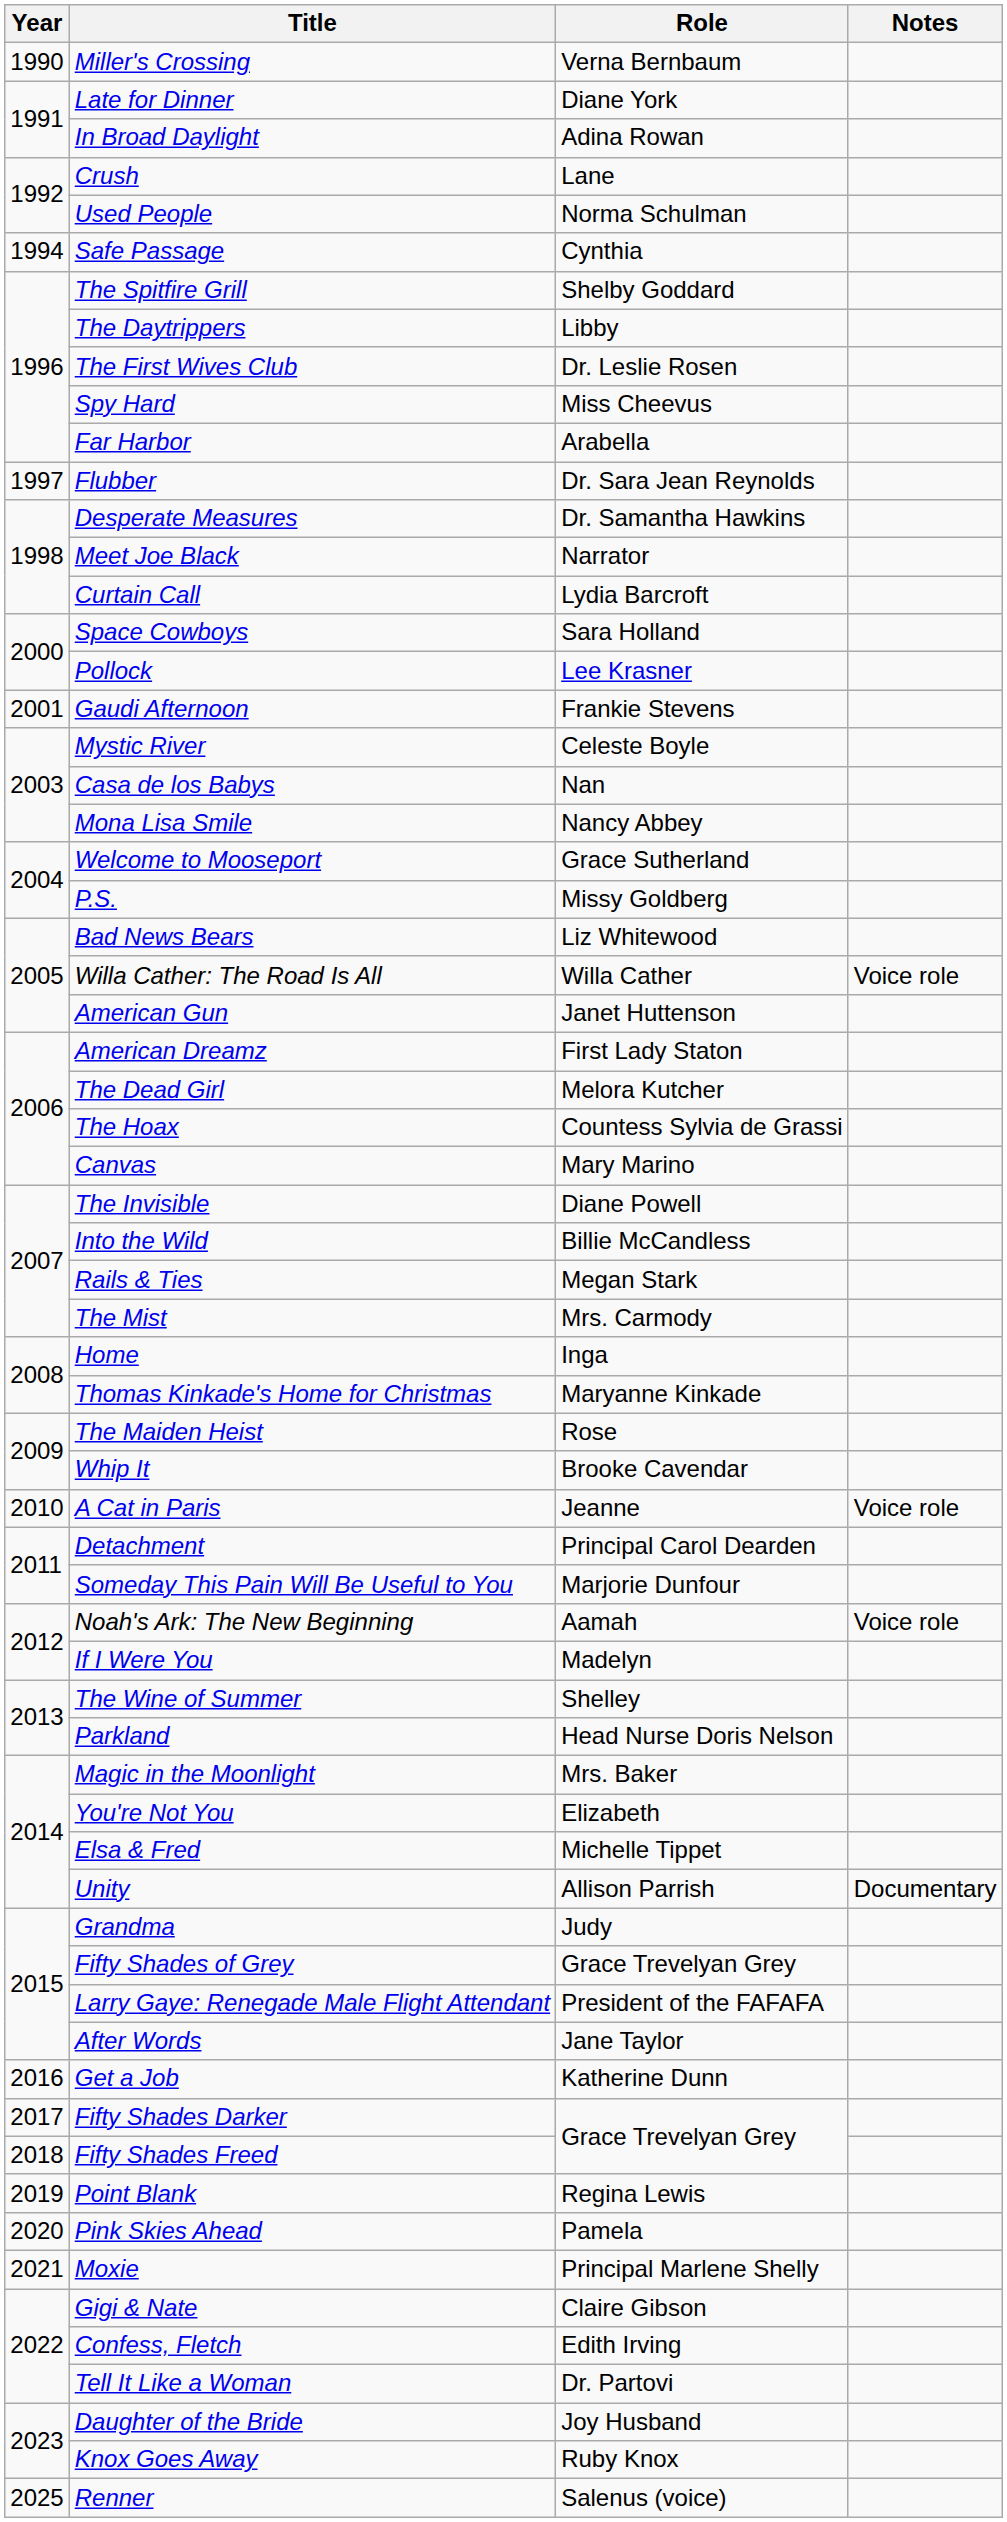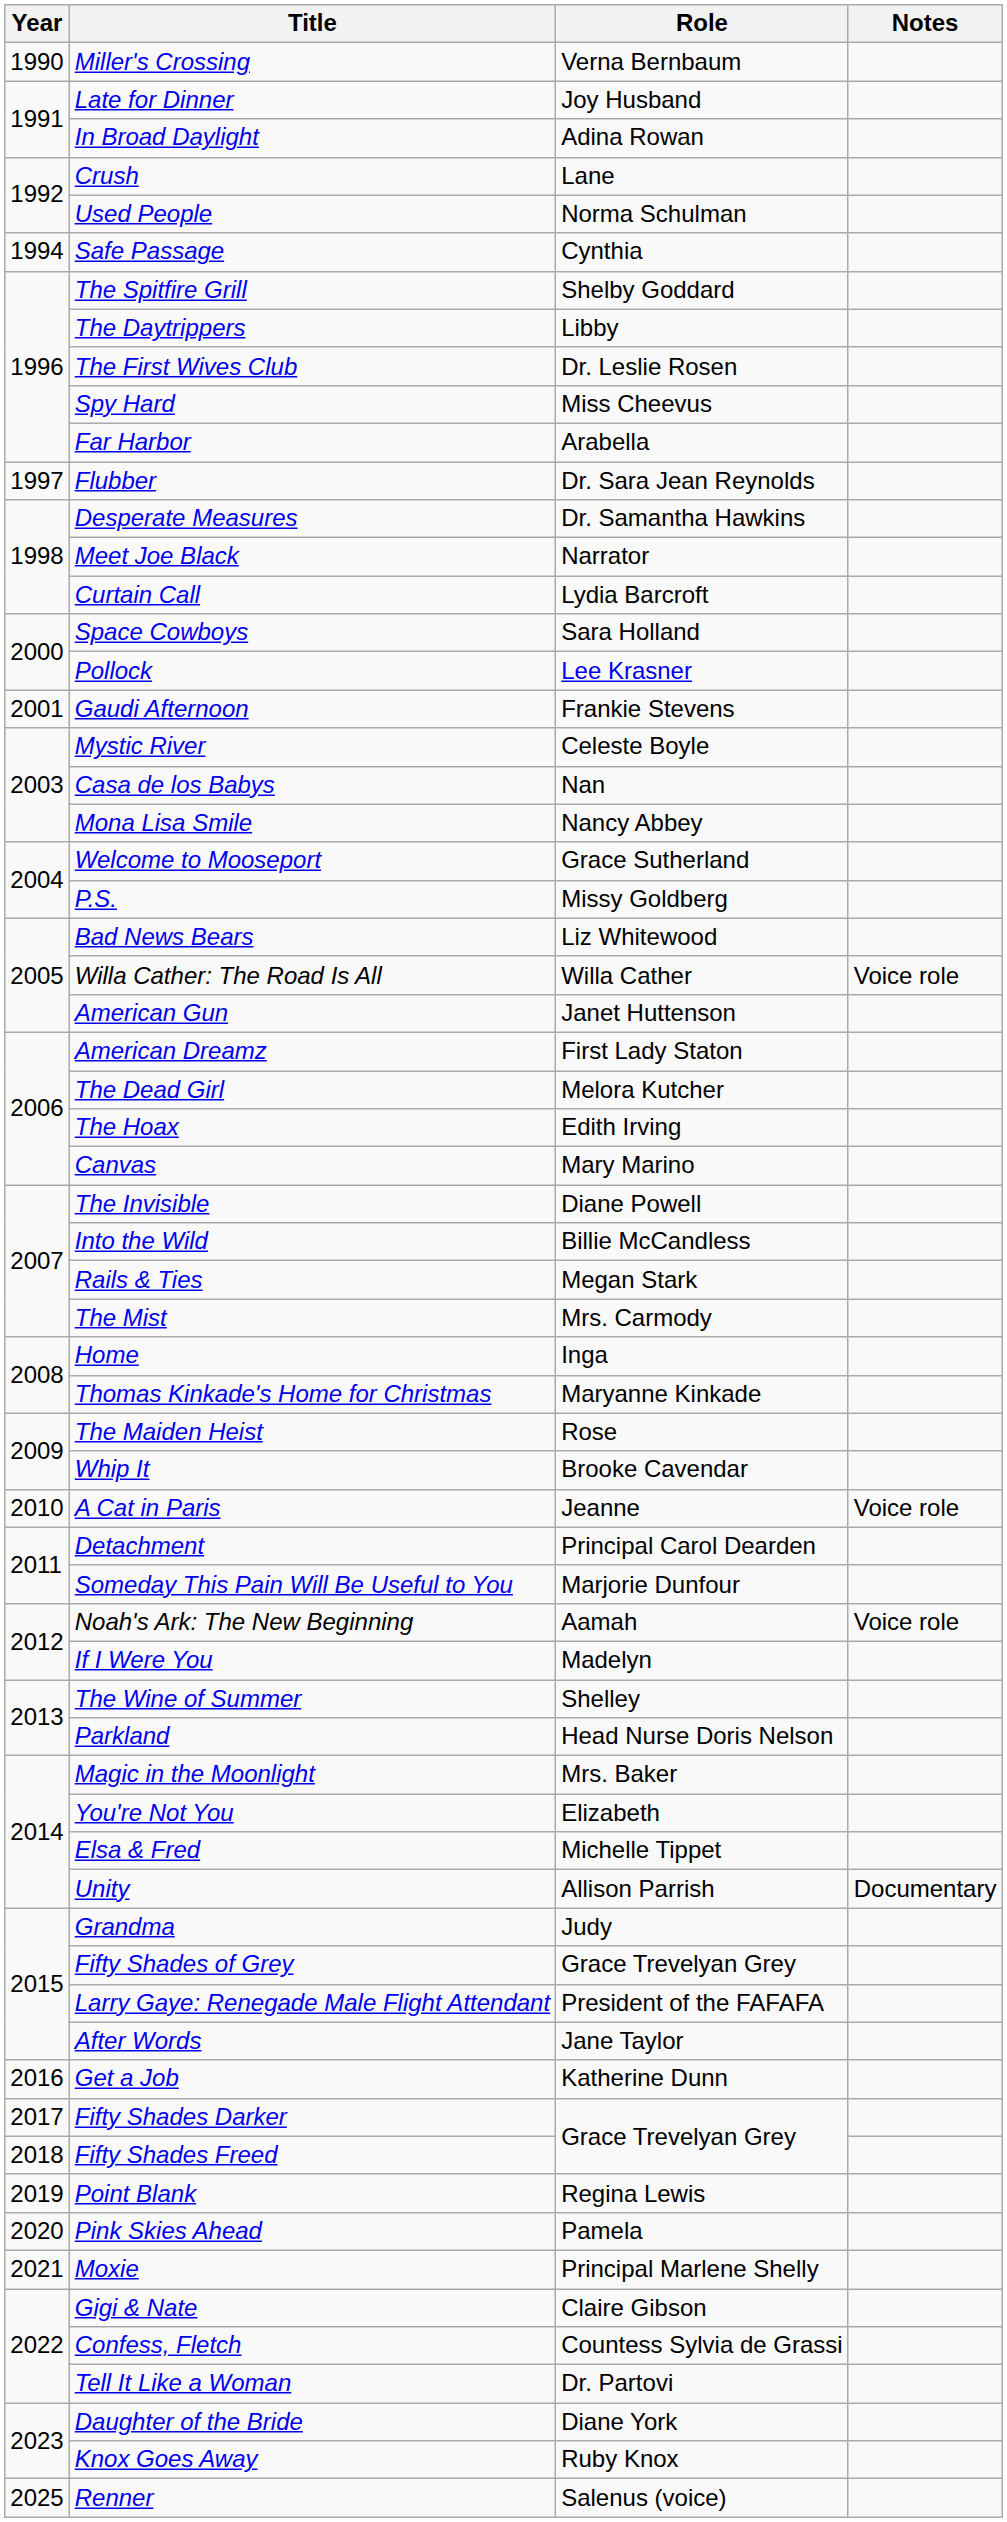 <table class="wikitable sortable">
 <tr>
 <th scope="col">Year</th>
 <th scope="col">Title</th>
 <th scope="col">Role</th>
 <th scope="col" class="unsortable">Notes</th>
 </tr>
 <tr>
 <td>1990</td>
 <td><em><a href='#'>Miller's Crossing</a></em></td>
 <td>Verna Bernbaum</td>
 <td></td>
 </tr>
 <tr>
 <td rowspan=2>1991</td>
 <td><em><a href='#'>Late for Dinner</a></em></td>
-<td>Diane York</td>
+<td>Joy Husband</td>
 <td></td>
 </tr>
 <tr>
 <td><em><a href='#'>In Broad Daylight</a></em></td>
 <td>Adina Rowan</td>
 <td></td>
 </tr>
 <tr>
 <td rowspan=2>1992</td>
 <td><em><a href='#'>Crush</a></em></td>
 <td>Lane</td>
 <td></td>
 </tr>
 <tr>
 <td><em><a href='#'>Used People</a></em></td>
 <td>Norma Schulman</td>
 <td></td>
 </tr>
 <tr>
 <td>1994</td>
 <td><em><a href='#'>Safe Passage</a></em></td>
 <td>Cynthia</td>
 <td></td>
 </tr>
 <tr>
 <td rowspan=5>1996</td>
 <td><em><a href='#'>The Spitfire Grill</a></em></td>
 <td>Shelby Goddard</td>
 <td></td>
 </tr>
 <tr>
 <td><em><a href='#'>The Daytrippers</a></em></td>
 <td>Libby</td>
 <td></td>
 </tr>
 <tr>
 <td><em><a href='#'>The First Wives Club</a></em></td>
 <td>Dr. Leslie Rosen</td>
 <td></td>
 </tr>
 <tr>
 <td><em><a href='#'>Spy Hard</a></em></td>
 <td>Miss Cheevus</td>
 <td></td>
 </tr>
 <tr>
 <td><em><a href='#'>Far Harbor</a></em></td>
 <td>Arabella</td>
 <td></td>
 </tr>
 <tr>
 <td>1997</td>
 <td><em><a href='#'>Flubber</a></em></td>
 <td>Dr. Sara Jean Reynolds</td>
 <td></td>
 </tr>
 <tr>
 <td rowspan=3>1998</td>
 <td><em><a href='#'>Desperate Measures</a></em></td>
 <td>Dr. Samantha Hawkins</td>
 <td></td>
 </tr>
 <tr>
 <td><em><a href='#'>Meet Joe Black</a></em></td>
 <td>Narrator</td>
 <td></td>
 </tr>
 <tr>
 <td><em><a href='#'>Curtain Call</a></em></td>
 <td>Lydia Barcroft</td>
 <td></td>
 </tr>
 <tr>
 <td rowspan=2>2000</td>
 <td><em><a href='#'>Space Cowboys</a></em></td>
 <td>Sara Holland</td>
 <td></td>
 </tr>
 <tr>
 <td><em><a href='#'>Pollock</a></em></td>
 <td><a href='#'>Lee Krasner</a></td>
 <td></td>
 </tr>
 <tr>
 <td>2001</td>
 <td><em><a href='#'>Gaudi Afternoon</a></em></td>
 <td>Frankie Stevens</td>
 <td></td>
 </tr>
 <tr>
 <td rowspan=3>2003</td>
 <td><em><a href='#'>Mystic River</a></em></td>
 <td>Celeste Boyle</td>
 <td></td>
 </tr>
 <tr>
 <td><em><a href='#'>Casa de los Babys</a></em></td>
 <td>Nan</td>
 <td></td>
 </tr>
 <tr>
 <td><em><a href='#'>Mona Lisa Smile</a></em></td>
 <td>Nancy Abbey</td>
 <td></td>
 </tr>
 <tr>
 <td rowspan=2>2004</td>
 <td><em><a href='#'>Welcome to Mooseport</a></em></td>
 <td>Grace Sutherland</td>
 <td></td>
 </tr>
 <tr>
 <td><em><a href='#'>P.S.</a></em></td>
 <td>Missy Goldberg</td>
 <td></td>
 </tr>
 <tr>
 <td rowspan=3>2005</td>
 <td><em><a href='#'>Bad News Bears</a></em></td>
 <td>Liz Whitewood</td>
 <td></td>
 </tr>
 <tr>
 <td><em>Willa Cather: The Road Is All</em></td>
 <td>Willa Cather</td>
 <td>Voice role</td>
 </tr>
 <tr>
 <td><em><a href='#'>American Gun</a></em></td>
 <td>Janet Huttenson</td>
 <td></td>
 </tr>
 <tr>
 <td rowspan=4>2006</td>
 <td><em><a href='#'>American Dreamz</a></em></td>
 <td>First Lady Staton</td>
 <td></td>
 </tr>
 <tr>
 <td><em><a href='#'>The Dead Girl</a></em></td>
 <td>Melora Kutcher</td>
 <td></td>
 </tr>
 <tr>
 <td><em><a href='#'>The Hoax</a></em></td>
-<td>Countess Sylvia de Grassi</td>
+<td>Edith Irving</td>
 <td></td>
 </tr>
 <tr>
 <td><em><a href='#'>Canvas</a></em></td>
 <td>Mary Marino</td>
 <td></td>
 </tr>
 <tr>
 <td rowspan=4>2007</td>
 <td><em><a href='#'>The Invisible</a></em></td>
 <td>Diane Powell</td>
 <td></td>
 </tr>
 <tr>
 <td><em><a href='#'>Into the Wild</a></em></td>
 <td>Billie McCandless</td>
 <td></td>
 </tr>
 <tr>
 <td><em><a href='#'>Rails & Ties</a></em></td>
 <td>Megan Stark</td>
 <td></td>
 </tr>
 <tr>
 <td><em><a href='#'>The Mist</a></em></td>
 <td>Mrs. Carmody</td>
 <td></td>
 </tr>
 <tr>
 <td rowspan=2>2008</td>
 <td><em><a href='#'>Home</a></em></td>
 <td>Inga</td>
 <td></td>
 </tr>
 <tr>
 <td><em><a href='#'>Thomas Kinkade's Home for Christmas</a></em></td>
 <td>Maryanne Kinkade</td>
 <td></td>
 </tr>
 <tr>
 <td rowspan=2>2009</td>
 <td><em><a href='#'>The Maiden Heist</a></em></td>
 <td>Rose</td>
 <td></td>
 </tr>
 <tr>
 <td><em><a href='#'>Whip It</a></em></td>
 <td>Brooke Cavendar</td>
 <td></td>
 </tr>
 <tr>
 <td>2010</td>
 <td><em><a href='#'>A Cat in Paris</a></em></td>
 <td>Jeanne</td>
 <td>Voice role</td>
 </tr>
 <tr>
 <td rowspan=2>2011</td>
 <td><em><a href='#'>Detachment</a></em></td>
 <td>Principal Carol Dearden</td>
 <td></td>
 </tr>
 <tr>
 <td><em><a href='#'>Someday This Pain Will Be Useful to You</a></em></td>
 <td>Marjorie Dunfour</td>
 <td></td>
 </tr>
 <tr>
 <td rowspan=2>2012</td>
 <td><em>Noah's Ark: The New Beginning</em></td>
 <td>Aamah</td>
 <td>Voice role</td>
 </tr>
 <tr>
 <td><em><a href='#'>If I Were You</a></em></td>
 <td>Madelyn</td>
 <td></td>
 </tr>
 <tr>
 <td rowspan=2>2013</td>
 <td><em><a href='#'>The Wine of Summer</a></em></td>
 <td>Shelley</td>
 <td></td>
 </tr>
 <tr>
 <td><em><a href='#'>Parkland</a></em></td>
 <td>Head Nurse Doris Nelson</td>
 <td></td>
 </tr>
 <tr>
 <td rowspan=4>2014</td>
 <td><em><a href='#'>Magic in the Moonlight</a></em></td>
 <td>Mrs. Baker</td>
 <td></td>
 </tr>
 <tr>
 <td><em><a href='#'>You're Not You</a></em></td>
 <td>Elizabeth</td>
 <td></td>
 </tr>
 <tr>
 <td><em><a href='#'>Elsa & Fred</a></em></td>
 <td>Michelle Tippet</td>
 <td></td>
 </tr>
 <tr>
 <td><em><a href='#'>Unity</a></em></td>
 <td>Allison Parrish</td>
 <td>Documentary</td>
 </tr>
 <tr>
 <td rowspan=4>2015</td>
 <td><em><a href='#'>Grandma</a></em></td>
 <td>Judy</td>
 <td></td>
 </tr>
 <tr>
 <td><em><a href='#'>Fifty Shades of Grey</a></em></td>
 <td>Grace Trevelyan Grey</td>
 <td></td>
 </tr>
 <tr>
 <td><em><a href='#'>Larry Gaye: Renegade Male Flight Attendant</a></em></td>
 <td>President of the FAFAFA</td>
 <td></td>
 </tr>
 <tr>
 <td><em><a href='#'>After Words</a></em></td>
 <td>Jane Taylor</td>
 <td></td>
 </tr>
 <tr>
 <td>2016</td>
 <td><em><a href='#'>Get a Job</a></em></td>
 <td>Katherine Dunn</td>
 <td></td>
 </tr>
 <tr>
 <td>2017</td>
 <td><em><a href='#'>Fifty Shades Darker</a></em></td>
 <td rowspan=2>Grace Trevelyan Grey</td>
 <td></td>
 </tr>
 <tr>
 <td>2018</td>
 <td><em><a href='#'>Fifty Shades Freed</a></em></td>
 <td></td>
 </tr>
 <tr>
 <td>2019</td>
 <td><em><a href='#'>Point Blank</a></em></td>
 <td>Regina Lewis</td>
 <td></td>
 </tr>
 <tr>
 <td>2020</td>
 <td><em><a href='#'>Pink Skies Ahead</a></em></td>
 <td>Pamela</td>
 <td></td>
 </tr>
 <tr>
 <td>2021</td>
 <td><em><a href='#'>Moxie</a></em></td>
 <td>Principal Marlene Shelly</td>
 <td></td>
 </tr>
 <tr>
 <td rowspan=3>2022</td>
 <td><em><a href='#'>Gigi & Nate</a></em></td>
 <td>Claire Gibson</td>
 <td></td>
 </tr>
 <tr>
 <td><em><a href='#'>Confess, Fletch</a></em></td>
-<td>Edith Irving</td>
+<td>Countess Sylvia de Grassi</td>
 <td></td>
 </tr>
 <tr>
 <td><em><a href='#'>Tell It Like a Woman</a></em></td>
 <td>Dr. Partovi</td>
 <td></td>
 </tr>
 <tr>
 <td rowspan=2>2023</td>
 <td><em><a href='#'>Daughter of the Bride</a></em></td>
-<td>Joy Husband</td>
+<td>Diane York</td>
 <td></td>
 </tr>
 <tr>
 <td><em><a href='#'>Knox Goes Away</a></em></td>
 <td>Ruby Knox</td>
 <td></td>
 </tr>
 <tr>
 <td>2025</td>
 <td><em><a href='#'>Renner</a></em></td>
 <td>Salenus (voice)</td>
 <td></td>
 </tr>
 </table>
